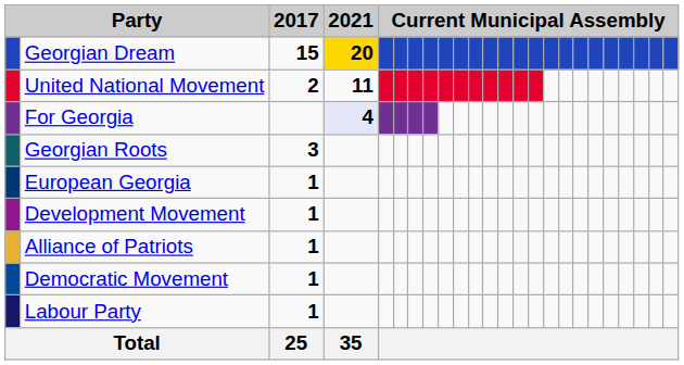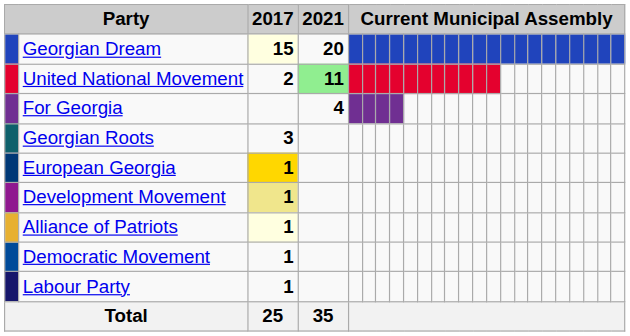 <table class="wikitable">
 <tr>
 <th style="background:#ccc" colspan="2">Party</th>
 <th style="background:#ccc">2017</th>
 <th style="background:#ccc">2021</th>
 <th style="background:#ccc" colspan="45">Current Municipal Assembly</th>
 </tr>
 <tr>
 <td style="background-color: #2044bc"> </td>
 <td><a href='#'>Georgian Dream</a></td>
-<td style="text-align: right"><strong>15</strong></td>
-<td style="background: gold; text-align: right"><strong>20</strong></td>
+<td style="background: lightyellow; text-align: right"><strong>15</strong></td>
+<td style="text-align: right"><strong>20</strong></td>
 <td style="background-color: #2044bc"> </td>
 <td style="background-color: #2044bc"> </td>
 <td style="background-color: #2044bc"> </td>
 <td style="background-color: #2044bc"> </td>
 <td style="background-color: #2044bc"> </td>
 <td style="background-color: #2044bc"> </td>
 <td style="background-color: #2044bc"> </td>
 <td style="background-color: #2044bc"> </td>
 <td style="background-color: #2044bc"> </td>
 <td style="background-color: #2044bc"> </td>
 <td style="background-color: #2044bc"> </td>
 <td style="background-color: #2044bc"> </td>
 <td style="background-color: #2044bc"> </td>
 <td style="background-color: #2044bc"> </td>
 <td style="background-color: #2044bc"> </td>
 <td style="background-color: #2044bc"> </td>
 <td style="background-color: #2044bc"> </td>
 <td style="background-color: #2044bc"> </td>
 <td style="background-color: #2044bc"> </td>
 <td style="background-color: #2044bc"> </td>
 </tr>
 <tr>
 <td style="background-color: #e4012e"> </td>
 <td><a href='#'>United National Movement</a></td>
 <td style="text-align: right"><strong>2</strong></td>
-<td style="text-align: right"><strong>11</strong></td>
+<td style="background: lightgreen; text-align: right"><strong>11</strong></td>
 <td style="background-color: #e4012e"> </td>
 <td style="background-color: #e4012e"> </td>
 <td style="background-color: #e4012e"> </td>
 <td style="background-color: #e4012e"> </td>
 <td style="background-color: #e4012e"> </td>
 <td style="background-color: #e4012e"> </td>
 <td style="background-color: #e4012e"> </td>
 <td style="background-color: #e4012e"> </td>
 <td style="background-color: #e4012e"> </td>
 <td style="background-color: #e4012e"> </td>
 <td style="background-color: #e4012e"> </td>
 <td></td>
 <td></td>
 <td></td>
 <td></td>
 <td></td>
 <td></td>
 <td></td>
 <td></td>
 <td></td>
 </tr>
 <tr>
 <td style="background-color: #702F92"> </td>
 <td><a href='#'>For Georgia</a></td>
 <td></td>
-<td style="background: lavender; text-align: right"><strong>4</strong></td>
+<td style="text-align: right"><strong>4</strong></td>
 <td style="background-color: #702f92"> </td>
 <td style="background-color: #702f92"> </td>
 <td style="background-color: #702f92"> </td>
 <td style="background-color: #702f92"> </td>
 <td></td>
 <td></td>
 <td></td>
 <td></td>
 <td></td>
 <td></td>
 <td></td>
 <td></td>
 <td></td>
 <td></td>
 <td></td>
 <td></td>
 <td></td>
 <td></td>
 <td></td>
 <td></td>
 </tr>
 <tr>
 <td style="background-color: #0e606b"> </td>
 <td><a href='#'>Georgian Roots</a></td>
 <td style="text-align: right"><strong>3</strong></td>
 <td></td>
 <td></td>
 <td></td>
 <td></td>
 <td></td>
 <td></td>
 <td></td>
 <td></td>
 <td></td>
 <td></td>
 <td></td>
 <td></td>
 <td></td>
 <td></td>
 <td></td>
 <td></td>
 <td></td>
 <td></td>
 <td></td>
 <td></td>
 <td></td>
 </tr>
 <tr>
 <td style="background-color: #003876"> </td>
 <td><a href='#'>European Georgia</a></td>
-<td style="text-align: right"><strong>1</strong></td>
+<td style="background: gold; text-align: right"><strong>1</strong></td>
 <td></td>
 <td></td>
 <td></td>
 <td></td>
 <td></td>
 <td></td>
 <td></td>
 <td></td>
 <td></td>
 <td></td>
 <td></td>
 <td></td>
 <td></td>
 <td></td>
 <td></td>
 <td></td>
 <td></td>
 <td></td>
 <td></td>
 <td></td>
 <td></td>
 </tr>
 <tr>
 <td style="background-color: #8f188f"> </td>
 <td><a href='#'>Development Movement</a></td>
-<td style="text-align: right"><strong>1</strong></td>
+<td style="background: khaki; text-align: right"><strong>1</strong></td>
 <td></td>
 <td></td>
 <td></td>
 <td></td>
 <td></td>
 <td></td>
 <td></td>
 <td></td>
 <td></td>
 <td></td>
 <td></td>
 <td></td>
 <td></td>
 <td></td>
 <td></td>
 <td></td>
 <td></td>
 <td></td>
 <td></td>
 <td></td>
 <td></td>
 </tr>
 <tr>
 <td style="background-color: #e7b031"> </td>
 <td><a href='#'>Alliance of Patriots</a></td>
-<td style="text-align: right"><strong>1</strong></td>
+<td style="background: lightyellow; text-align: right"><strong>1</strong></td>
 <td></td>
 <td></td>
 <td></td>
 <td></td>
 <td></td>
 <td></td>
 <td></td>
 <td></td>
 <td></td>
 <td></td>
 <td></td>
 <td></td>
 <td></td>
 <td></td>
 <td></td>
 <td></td>
 <td></td>
 <td></td>
 <td></td>
 <td></td>
 <td></td>
 </tr>
 <tr>
 <td style="background-color: #004a99"> </td>
 <td><a href='#'>Democratic Movement</a></td>
 <td style="text-align: right"><strong>1</strong></td>
 <td></td>
 <td></td>
 <td></td>
 <td></td>
 <td></td>
 <td></td>
 <td></td>
 <td></td>
 <td></td>
 <td></td>
 <td></td>
 <td></td>
 <td></td>
 <td></td>
 <td></td>
 <td></td>
 <td></td>
 <td></td>
 <td></td>
 <td></td>
 <td></td>
 </tr>
 <tr>
 <td style="background-color: #16166b"> </td>
 <td><a href='#'>Labour Party</a></td>
 <td style="text-align: right"><strong>1</strong></td>
 <td></td>
 <td></td>
 <td></td>
 <td></td>
 <td></td>
 <td></td>
 <td></td>
 <td></td>
 <td></td>
 <td></td>
 <td></td>
 <td></td>
 <td></td>
 <td></td>
 <td></td>
 <td></td>
 <td></td>
 <td></td>
 <td></td>
 <td></td>
 <td></td>
 </tr>
 <tr>
 <th colspan=2>Total</th>
 <th align=right>25</th>
 <th align=right>35</th>
 <th colspan=45> </th>
 </tr>
 </table>
